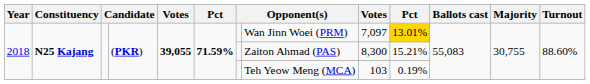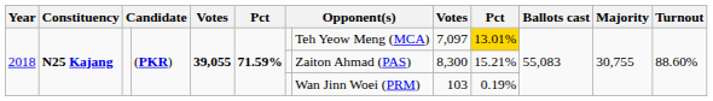 <table class="wikitable" style="margin:0.5em ; font-size:95%">
 <tr>
 <th>Year</th>
 <th>Constituency</th>
 <th colspan=2>Candidate</th>
 <th>Votes</th>
 <th>Pct</th>
 <th colspan=2>Opponent(s)</th>
 <th>Votes</th>
 <th>Pct</th>
 <th>Ballots cast</th>
 <th>Majority</th>
 <th>Turnout</th>
 </tr>
 <tr>
 <td rowspan=4><a href='#'>2018</a></td>
 <td rowspan=3><strong>N25 <a href='#'>Kajang</a></strong></td>
 <td rowspan=4 ></td>
 <td rowspan=4> (<a href='#'><strong>PKR</strong></a>)</td>
 <td rowspan=4 align="right"><strong>39,055</strong></td>
 <td rowspan=4><strong>71.59%</strong></td>
 <td></td>
-<td>Wan Jinn Woei (<a href='#'>PRM</a>)</td>
+<td>Teh Yeow Meng (<a href='#'>MCA</a>)</td>
 <td align="right">7,097</td>
 <td style="background: gold;">13.01%</td>
 <td rowspan=4>55,083</td>
 <td rowspan=4>30,755</td>
 <td rowspan=4>88.60%</td>
 </tr>
 <tr>
 <td></td>
 <td>Zaiton Ahmad (<a href='#'>PAS</a>)</td>
 <td align="right">8,300</td>
 <td>15.21%</td>
 </tr>
 <tr>
 <td bgcolor=></td>
-<td>Teh Yeow Meng (<a href='#'>MCA</a>)</td>
+<td>Wan Jinn Woei (<a href='#'>PRM</a>)</td>
 <td align="right">103</td>
 <td align=right>0.19%</td>
 </tr>
 </table>
